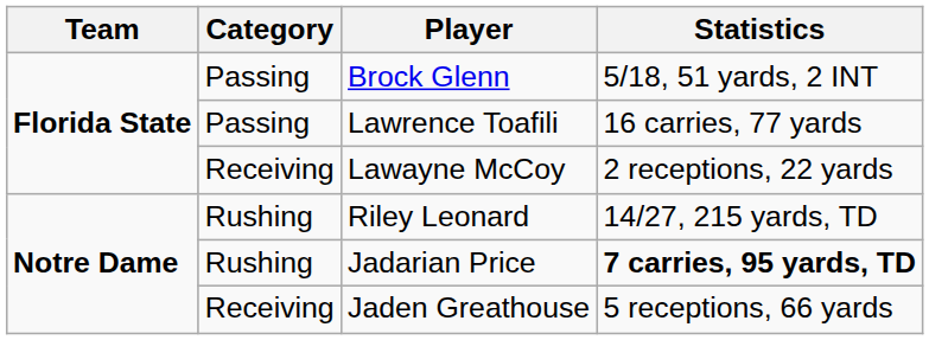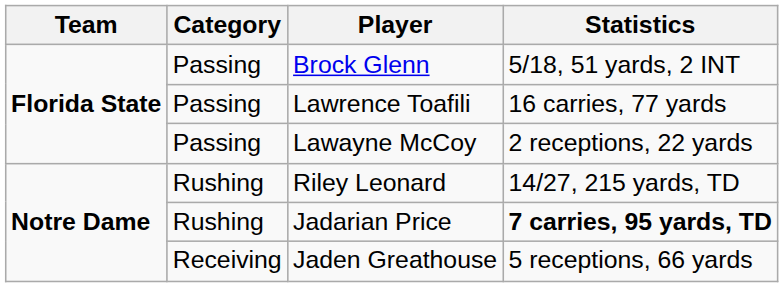 <table class="wikitable" style="float: right;">
 <tr>
 <th>Team</th>
 <th>Category</th>
 <th>Player</th>
 <th>Statistics</th>
 </tr>
 <tr>
 <td rowspan=3><strong>Florida State</strong></td>
 <td>Passing</td>
 <td><a href='#'>Brock Glenn</a></td>
 <td>5/18, 51 yards, 2 INT</td>
 </tr>
 <tr>
 <td>Passing</td>
 <td>Lawrence Toafili</td>
 <td>16 carries, 77 yards</td>
 </tr>
 <tr>
-<td>Receiving</td>
+<td>Passing</td>
 <td>Lawayne McCoy</td>
 <td>2 receptions, 22 yards</td>
 </tr>
 <tr>
 <td rowspan=3><strong>Notre Dame</strong></td>
 <td>Rushing</td>
 <td>Riley Leonard</td>
 <td>14/27, 215 yards, TD</td>
 </tr>
 <tr>
 <td>Rushing</td>
 <td>Jadarian Price</td>
 <td><strong>7 carries, 95 yards, TD</strong></td>
 </tr>
 <tr>
 <td>Receiving</td>
 <td>Jaden Greathouse</td>
 <td>5 receptions, 66 yards</td>
 </tr>
 </table>
